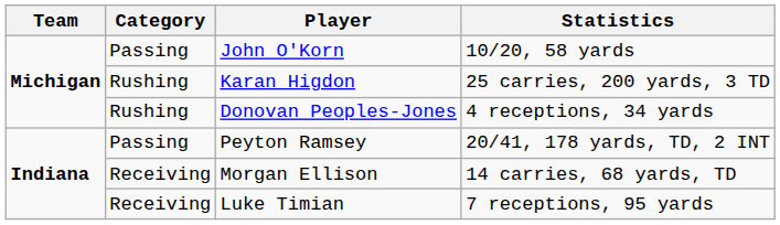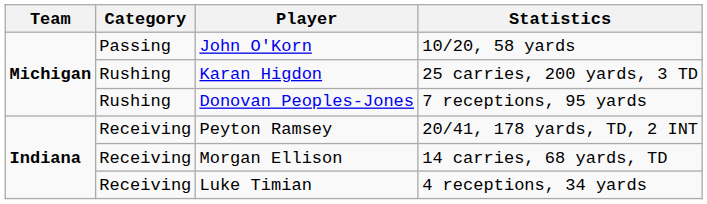 <table class="wikitable" style="float: right;">
 <tr>
 <th>Team</th>
 <th>Category</th>
 <th>Player</th>
 <th>Statistics</th>
 </tr>
 <tr>
 <td rowspan=3><strong>Michigan</strong></td>
 <td>Passing</td>
 <td><a href='#'>John O'Korn</a></td>
 <td>10/20, 58 yards</td>
 </tr>
 <tr>
 <td>Rushing</td>
 <td><a href='#'>Karan Higdon</a></td>
 <td>25 carries, 200 yards, 3 TD</td>
 </tr>
 <tr>
 <td>Rushing</td>
 <td><a href='#'>Donovan Peoples-Jones</a></td>
-<td>4 receptions, 34 yards</td>
+<td>7 receptions, 95 yards</td>
 </tr>
 <tr>
 <td rowspan=3><strong>Indiana</strong></td>
-<td>Passing</td>
+<td>Receiving</td>
 <td>Peyton Ramsey</td>
 <td>20/41, 178 yards, TD, 2 INT</td>
 </tr>
 <tr>
 <td>Receiving</td>
 <td>Morgan Ellison</td>
 <td>14 carries, 68 yards, TD</td>
 </tr>
 <tr>
 <td>Receiving</td>
 <td>Luke Timian</td>
-<td>7 receptions, 95 yards</td>
+<td>4 receptions, 34 yards</td>
 </tr>
 </table>
